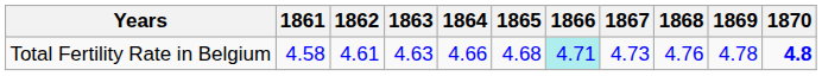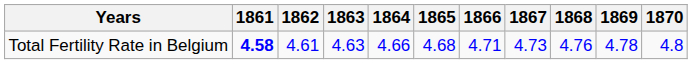 <table class="wikitable " style="text-align:right">
 <tr>
 <th>Years</th>
 <th>1861</th>
 <th>1862</th>
 <th>1863</th>
 <th>1864</th>
 <th>1865</th>
 <th>1866</th>
 <th>1867</th>
 <th>1868</th>
 <th>1869</th>
 <th>1870</th>
 </tr>
 <tr>
 <td align="left">Total Fertility Rate in Belgium</td>
-<td style="text-align:right; color:blue;">4.58</td>
+<td style="text-align:right; color:blue;"><strong>4.58</strong></td>
 <td style="text-align:right; color:blue;">4.61</td>
 <td style="text-align:right; color:blue;">4.63</td>
 <td style="text-align:right; color:blue;">4.66</td>
 <td style="text-align:right; color:blue;">4.68</td>
-<td style="background: paleturquoise; text-align:right; color:blue;">4.71</td>
+<td style="text-align:right; color:blue;">4.71</td>
 <td style="text-align:right; color:blue;">4.73</td>
 <td style="text-align:right; color:blue;">4.76</td>
 <td style="text-align:right; color:blue;">4.78</td>
-<td style="text-align:right; color:blue;"><strong>4.8</strong></td>
+<td style="text-align:right; color:blue;">4.8</td>
 </tr>
 </table>
